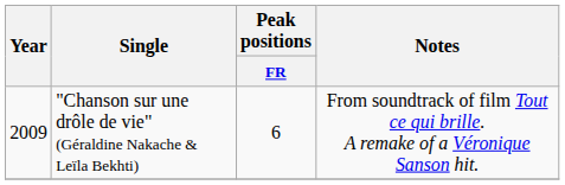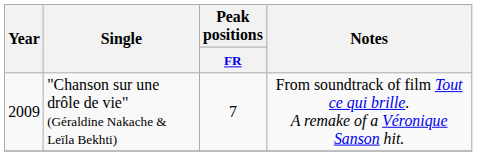 <table class="wikitable">
 <tr>
 <th align="center" rowspan="2" width="10">Year</th>
 <th align="center" rowspan="2" width="150">Single</th>
 <th align="center" colspan="1">Peak positions</th>
 <th align="center" rowspan="2" width="200">Notes</th>
 </tr>
 <tr>
 <th width="20"><small><a href='#'>FR</a></small><br></th>
 </tr>
 <tr>
 <td align="center" rowspan="1">2009</td>
 <td>"Chanson sur une drôle de vie" <br><small>(Géraldine Nakache & Leïla Bekhti)</small></td>
-<td align="center">6</td>
+<td align="center">7</td>
 <td align="center" rowspan="1">From soundtrack of film <em><a href='#'>Tout ce qui brille</a>.<br> A remake of a <a href='#'>Véronique Sanson</a> hit.</td>
 </tr>
 <tr>
 </tr>
 </table>
